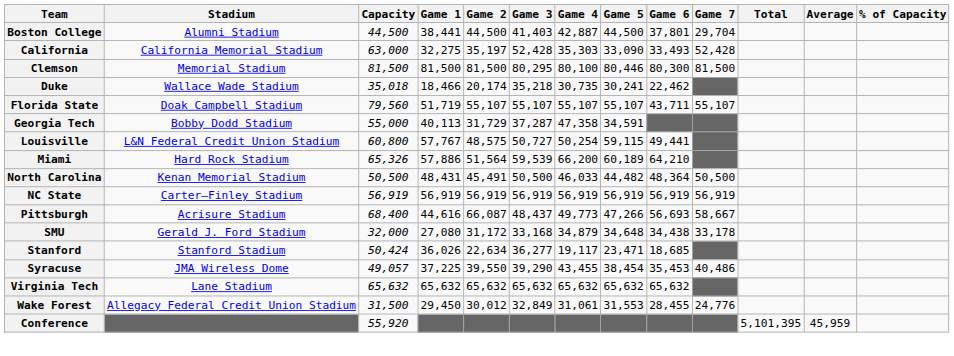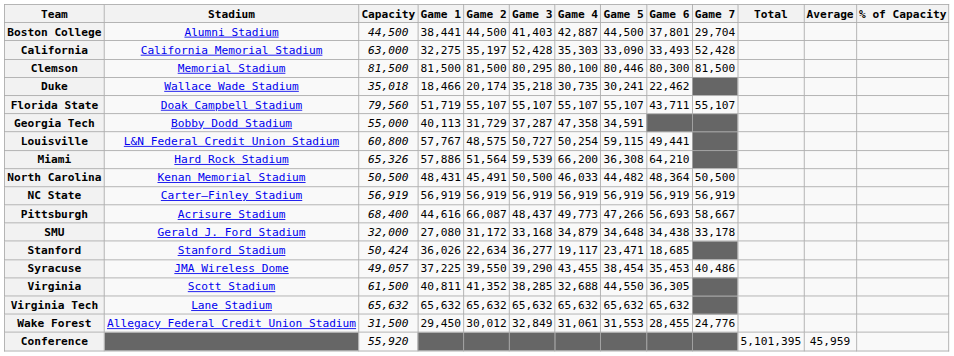 <table class="wikitable sortable" style="text-align: center;">
 <tr>
 <th width="110">Team</th>
 <th>Stadium</th>
 <th>Capacity</th>
 <th>Game 1</th>
 <th>Game 2</th>
 <th>Game 3</th>
 <th>Game 4</th>
 <th>Game 5</th>
 <th>Game 6</th>
 <th>Game 7</th>
 <th>Total</th>
 <th>Average</th>
 <th>% of Capacity</th>
 </tr>
 <tr>
 <th>Boston College</th>
 <td><a href='#'>Alumni Stadium</a></td>
 <td><em>44,500</em></td>
 <td>38,441</td>
 <td>44,500</td>
 <td>41,403</td>
 <td>42,887</td>
 <td>44,500</td>
 <td>37,801</td>
 <td>29,704</td>
 <td></td>
 <td></td>
 <td></td>
 </tr>
 <tr>
 <th>California</th>
 <td><a href='#'>California Memorial Stadium</a></td>
 <td><em>63,000</em></td>
 <td>32,275</td>
 <td>35,197</td>
 <td>52,428</td>
 <td>35,303</td>
 <td>33,090</td>
 <td>33,493</td>
 <td>52,428</td>
 <td></td>
 <td></td>
 <td></td>
 </tr>
 <tr>
 <th>Clemson</th>
 <td><a href='#'>Memorial Stadium</a></td>
 <td><em>81,500</em></td>
 <td>81,500</td>
 <td>81,500</td>
 <td>80,295</td>
 <td>80,100</td>
 <td>80,446</td>
 <td>80,300</td>
 <td>81,500</td>
 <td></td>
 <td></td>
 <td></td>
 </tr>
 <tr>
 <th>Duke</th>
 <td><a href='#'>Wallace Wade Stadium</a></td>
 <td><em>35,018</em></td>
 <td>18,466</td>
 <td>20,174</td>
 <td>35,218</td>
 <td>30,735</td>
 <td>30,241</td>
 <td>22,462</td>
 <td style="background:#666666;"></td>
 <td></td>
 <td></td>
 <td></td>
 </tr>
 <tr>
 <th>Florida State</th>
 <td><a href='#'>Doak Campbell Stadium</a></td>
 <td><em>79,560</em></td>
 <td>51,719</td>
 <td>55,107</td>
 <td>55,107</td>
 <td>55,107</td>
 <td>55,107</td>
 <td>43,711</td>
 <td>55,107</td>
 <td></td>
 <td></td>
 <td></td>
 </tr>
 <tr>
 <th>Georgia Tech</th>
 <td><a href='#'>Bobby Dodd Stadium</a></td>
 <td><em>55,000</em></td>
 <td>40,113</td>
 <td>31,729</td>
 <td>37,287</td>
 <td>47,358</td>
 <td>34,591</td>
 <td style="background:#666666;"></td>
 <td style="background:#666666;"></td>
 <td></td>
 <td></td>
 <td></td>
 </tr>
 <tr>
 <th>Louisville</th>
 <td><a href='#'>L&N Federal Credit Union Stadium</a></td>
 <td><em>60,800</em></td>
 <td>57,767</td>
 <td>48,575</td>
 <td>50,727</td>
 <td>50,254</td>
 <td>59,115</td>
 <td>49,441</td>
 <td style="background:#666666;"></td>
 <td></td>
 <td></td>
 <td></td>
 </tr>
 <tr>
 <th>Miami</th>
 <td><a href='#'>Hard Rock Stadium</a></td>
 <td><em>65,326</em></td>
 <td>57,886</td>
 <td>51,564</td>
 <td>59,539</td>
 <td>66,200</td>
-<td>60,189</td>
+<td>36,308</td>
 <td>64,210</td>
 <td style="background:#666666;"></td>
 <td></td>
 <td></td>
 <td></td>
 </tr>
 <tr>
 <th>North Carolina</th>
 <td><a href='#'>Kenan Memorial Stadium</a></td>
 <td><em>50,500</em></td>
 <td>48,431</td>
 <td>45,491</td>
 <td>50,500</td>
 <td>46,033</td>
 <td>44,482</td>
 <td>48,364</td>
 <td>50,500</td>
 <td></td>
 <td></td>
 <td></td>
 </tr>
 <tr>
 <th>NC State</th>
 <td><a href='#'>Carter–Finley Stadium</a></td>
 <td><em>56,919</em></td>
 <td>56,919</td>
 <td>56,919</td>
 <td>56,919</td>
 <td>56,919</td>
 <td>56,919</td>
 <td>56,919</td>
 <td>56,919</td>
 <td></td>
 <td></td>
 <td></td>
 </tr>
 <tr>
 <th>Pittsburgh</th>
 <td><a href='#'>Acrisure Stadium</a></td>
 <td><em>68,400</em></td>
 <td>44,616</td>
 <td>66,087</td>
 <td>48,437</td>
 <td>49,773</td>
 <td>47,266</td>
 <td>56,693</td>
 <td>58,667</td>
 <td></td>
 <td></td>
 <td></td>
 </tr>
 <tr>
 <th>SMU</th>
 <td><a href='#'>Gerald J. Ford Stadium</a></td>
 <td><em>32,000</em></td>
 <td>27,080</td>
 <td>31,172</td>
 <td>33,168</td>
 <td>34,879</td>
 <td>34,648</td>
 <td>34,438</td>
 <td>33,178</td>
 <td></td>
 <td></td>
 <td></td>
 </tr>
 <tr>
 <th>Stanford</th>
 <td><a href='#'>Stanford Stadium</a></td>
 <td><em>50,424</em></td>
 <td>36,026</td>
 <td>22,634</td>
 <td>36,277</td>
 <td>19,117</td>
 <td>23,471</td>
 <td>18,685</td>
 <td style="background:#666666;"></td>
 <td></td>
 <td></td>
 <td></td>
 </tr>
 <tr>
 <th>Syracuse</th>
 <td><a href='#'>JMA Wireless Dome</a></td>
 <td><em>49,057</em></td>
 <td>37,225</td>
 <td>39,550</td>
 <td>39,290</td>
 <td>43,455</td>
 <td>38,454</td>
 <td>35,453</td>
 <td>40,486</td>
 <td></td>
 <td></td>
 <td></td>
 </tr>
 <tr>
+<th>Virginia</th>
+<td><a href='#'>Scott Stadium</a></td>
+<td><em>61,500</em></td>
+<td>40,811</td>
+<td>41,352</td>
+<td>38,285</td>
+<td>32,688</td>
+<td>44,550</td>
+<td>36,305</td>
+<td style="background:#666666;"></td>
+<td></td>
+<td></td>
+<td></td>
+</tr>
+<tr>
 <th>Virginia Tech</th>
 <td><a href='#'>Lane Stadium</a></td>
 <td><em>65,632</em></td>
 <td>65,632</td>
 <td>65,632</td>
 <td>65,632</td>
 <td>65,632</td>
 <td>65,632</td>
 <td>65,632</td>
 <td style="background:#666666;"></td>
 <td></td>
 <td></td>
 <td></td>
 </tr>
 <tr>
 <th>Wake Forest</th>
 <td><a href='#'>Allegacy Federal Credit Union Stadium</a></td>
 <td><em>31,500</em></td>
 <td>29,450</td>
 <td>30,012</td>
 <td>32,849</td>
 <td>31,061</td>
 <td>31,553</td>
 <td>28,455</td>
 <td>24,776</td>
 <td></td>
 <td></td>
 <td></td>
 </tr>
 <tr>
 <th><strong>Conference</strong></th>
 <td style="background:#666666;"></td>
 <td><em>55,920</em></td>
 <td style="background:#666666;"></td>
 <td style="background:#666666;"></td>
 <td style="background:#666666;"></td>
 <td style="background:#666666;"></td>
 <td style="background:#666666;"></td>
 <td style="background:#666666;"></td>
 <td style="background:#666666;"></td>
 <td>5,101,395</td>
 <td>45,959</td>
 <td></td>
 </tr>
 </table>
